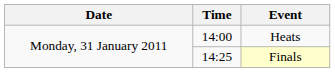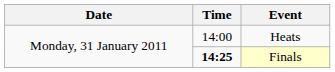 <table class = "wikitable" style="text-align:center;">
 <tr>
 <th width=220>Date</th>
 <th width=50>Time</th>
 <th width=100>Event</th>
 </tr>
 <tr>
 <td rowspan=2>Monday, 31 January 2011</td>
 <td>14:00</td>
 <td>Heats</td>
 </tr>
 <tr>
-<td>14:25</td>
+<td><strong>14:25</strong></td>
 <td bgcolor=ffffcc>Finals</td>
 </tr>
 </table>
